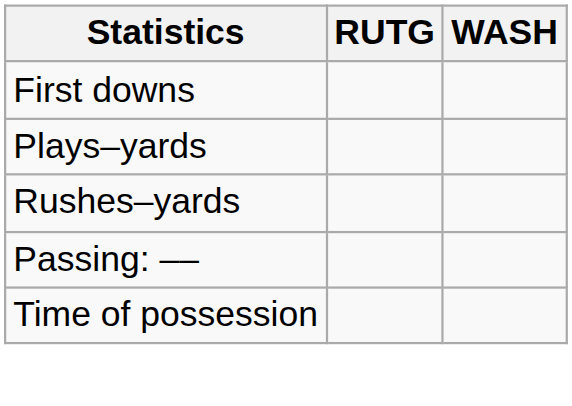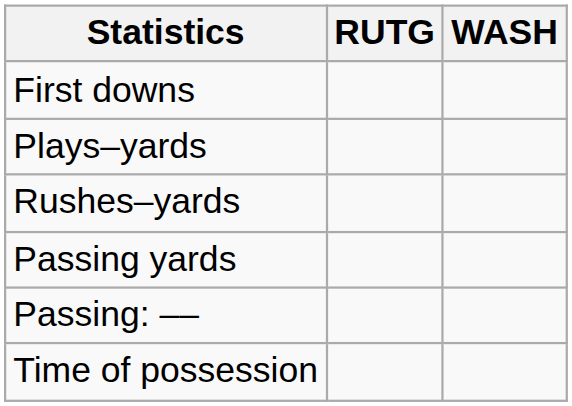 <table class="wikitable" style="float:left">
 <tr>
 <th>Statistics</th>
 <th>RUTG</th>
 <th>WASH</th>
 </tr>
 <tr>
 <td>First downs</td>
 <td></td>
 <td></td>
 </tr>
 <tr>
 <td>Plays–yards</td>
 <td></td>
 <td></td>
 </tr>
 <tr>
 <td>Rushes–yards</td>
 <td></td>
 <td></td>
 </tr>
 <tr>
+<td>Passing yards</td>
+<td></td>
+<td></td>
+</tr>
+<tr>
 <td>Passing: ––</td>
 <td></td>
 <td></td>
 </tr>
 <tr>
 <td>Time of possession</td>
 <td></td>
 <td></td>
 </tr>
 </table>
